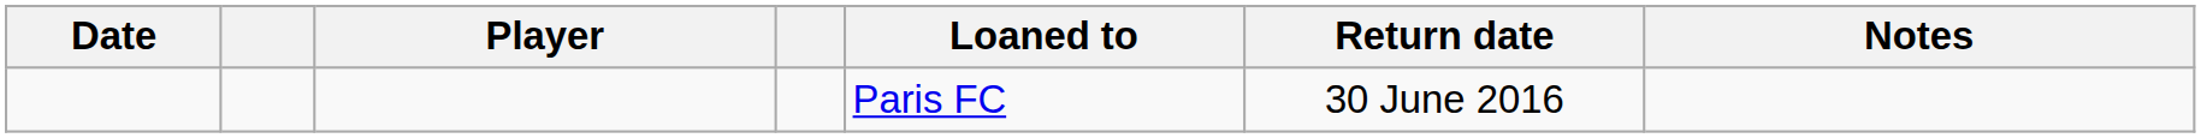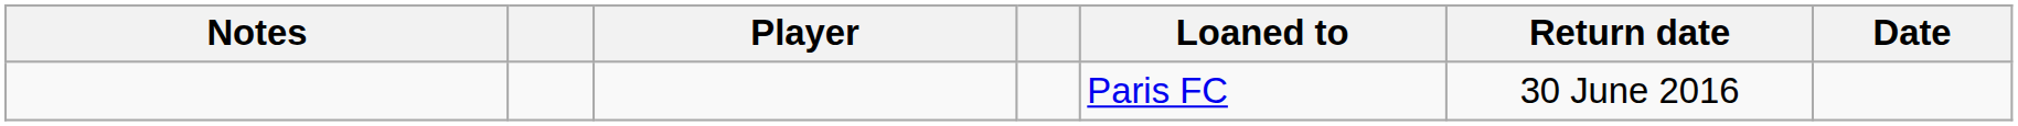 <table class="wikitable sortable">
 <tr>
-<th style="width:80px;">Date</th>
+<th style="width:215px;" class="unsortable">Notes</th>
 <th style="width:30px;"></th>
 <th style="width:180px;">Player</th>
 <th style="width:20px;"></th>
 <th style="width:155px;">Loaned to</th>
 <th style="width:155px;" class="unsortable">Return date</th>
-<th style="width:215px;" class="unsortable">Notes</th>
+<th style="width:80px;">Date</th>
 </tr>
 <tr>
-<td></td>
+<td align=center></td>
 <td align=center></td>
 <td> </td>
 <td></td>
 <td> <a href='#'>Paris FC</a></td>
 <td align=center>30 June 2016</td>
-<td align=center></td>
+<td></td>
 </tr>
 </table>
